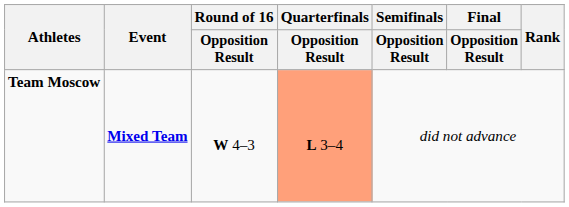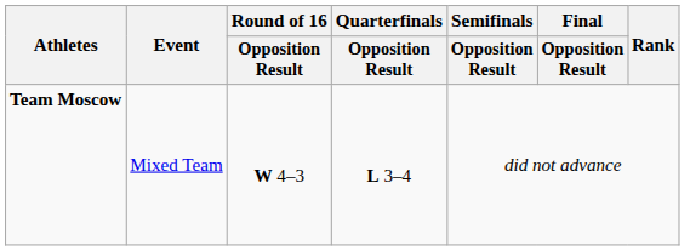 <table class="wikitable" style="font-size:90%">
 <tr>
 <th rowspan="2">Athletes</th>
 <th rowspan="2">Event</th>
 <th>Round of 16</th>
 <th>Quarterfinals</th>
 <th>Semifinals</th>
 <th>Final</th>
 <th rowspan=2>Rank</th>
 </tr>
 <tr style="font-size:95%">
 <th>Opposition<br>Result</th>
 <th>Opposition<br>Result</th>
 <th>Opposition<br>Result</th>
 <th>Opposition<br>Result</th>
 </tr>
 <tr align=center>
 <td align=left><strong>Team Moscow</strong><br><br> <br><br><br><br><br></td>
-<td align=left><strong><a href='#'>Mixed Team</a></strong></td>
+<td align=left><a href='#'>Mixed Team</a></td>
 <td><br><strong>W</strong> 4–3</td>
-<td style="background: lightsalmon;"><br><strong>L</strong> 3–4</td>
+<td><br><strong>L</strong> 3–4</td>
 <td colspan=3><em>did not advance</em></td>
 </tr>
 </table>
